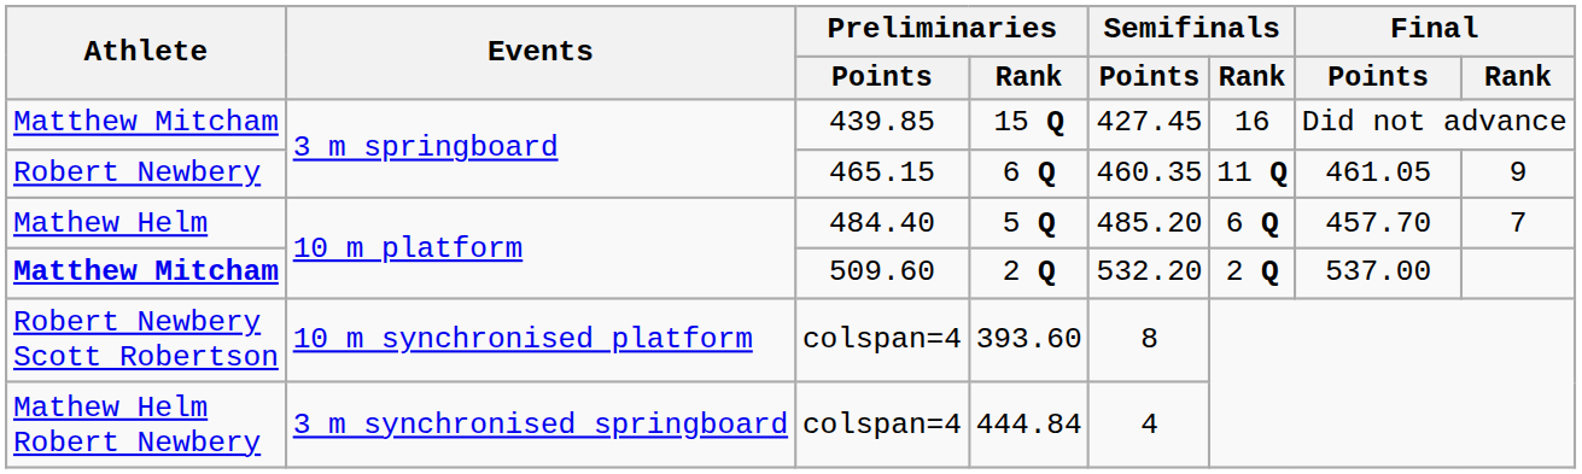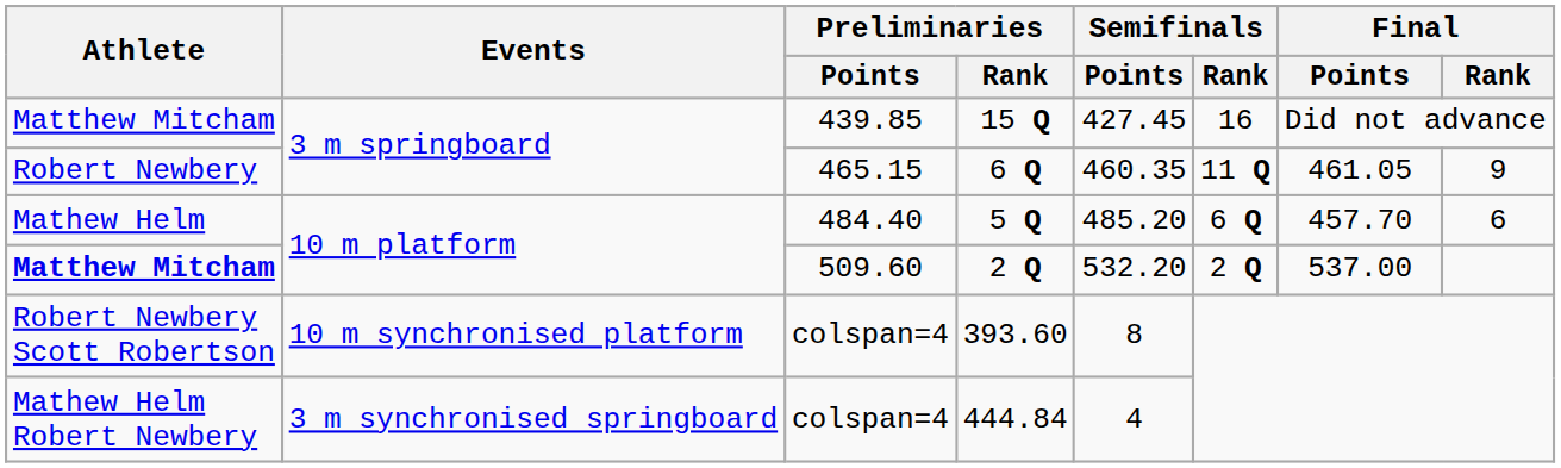 <table class=wikitable style="font-size:90%">
 <tr>
 <th rowspan="2">Athlete</th>
 <th rowspan="2">Events</th>
 <th colspan="2">Preliminaries</th>
 <th colspan="2">Semifinals</th>
 <th colspan="2">Final</th>
 </tr>
 <tr style="font-size:95%">
 <th>Points</th>
 <th>Rank</th>
 <th>Points</th>
 <th>Rank</th>
 <th>Points</th>
 <th>Rank</th>
 </tr>
 <tr align=center>
 <td align=left><a href='#'>Matthew Mitcham</a></td>
 <td align=left rowspan=2><a href='#'>3 m springboard</a></td>
 <td>439.85</td>
 <td>15 <strong>Q</strong></td>
 <td>427.45</td>
 <td>16</td>
 <td colspan=2>Did not advance</td>
 </tr>
 <tr align=center>
 <td align=left><a href='#'>Robert Newbery</a></td>
 <td>465.15</td>
 <td>6 <strong>Q</strong></td>
 <td>460.35</td>
 <td>11 <strong>Q</strong></td>
 <td>461.05</td>
 <td>9</td>
 </tr>
 <tr align=center>
 <td align=left><a href='#'>Mathew Helm</a></td>
 <td align=left rowspan=2><a href='#'>10 m platform</a></td>
 <td>484.40</td>
 <td>5 <strong>Q</strong></td>
 <td>485.20</td>
 <td>6 <strong>Q</strong></td>
 <td>457.70</td>
-<td>7</td>
+<td>6</td>
 </tr>
 <tr align=center>
 <td align=left><strong><a href='#'>Matthew Mitcham</a></strong></td>
 <td>509.60</td>
 <td>2 <strong>Q</strong></td>
 <td>532.20</td>
 <td>2 <strong>Q</strong></td>
 <td>537.00</td>
 <td></td>
 </tr>
 <tr align=center>
 <td align=left><a href='#'>Robert Newbery</a><br><a href='#'>Scott Robertson</a></td>
 <td align=left><a href='#'>10 m synchronised platform</a></td>
 <td>colspan=4 </td>
 <td>393.60</td>
 <td>8</td>
 </tr>
 <tr align=center>
 <td align=left><a href='#'>Mathew Helm</a><br><a href='#'>Robert Newbery</a></td>
 <td align=left><a href='#'>3 m synchronised springboard</a></td>
 <td>colspan=4 </td>
 <td>444.84</td>
 <td>4</td>
 </tr>
 </table>
